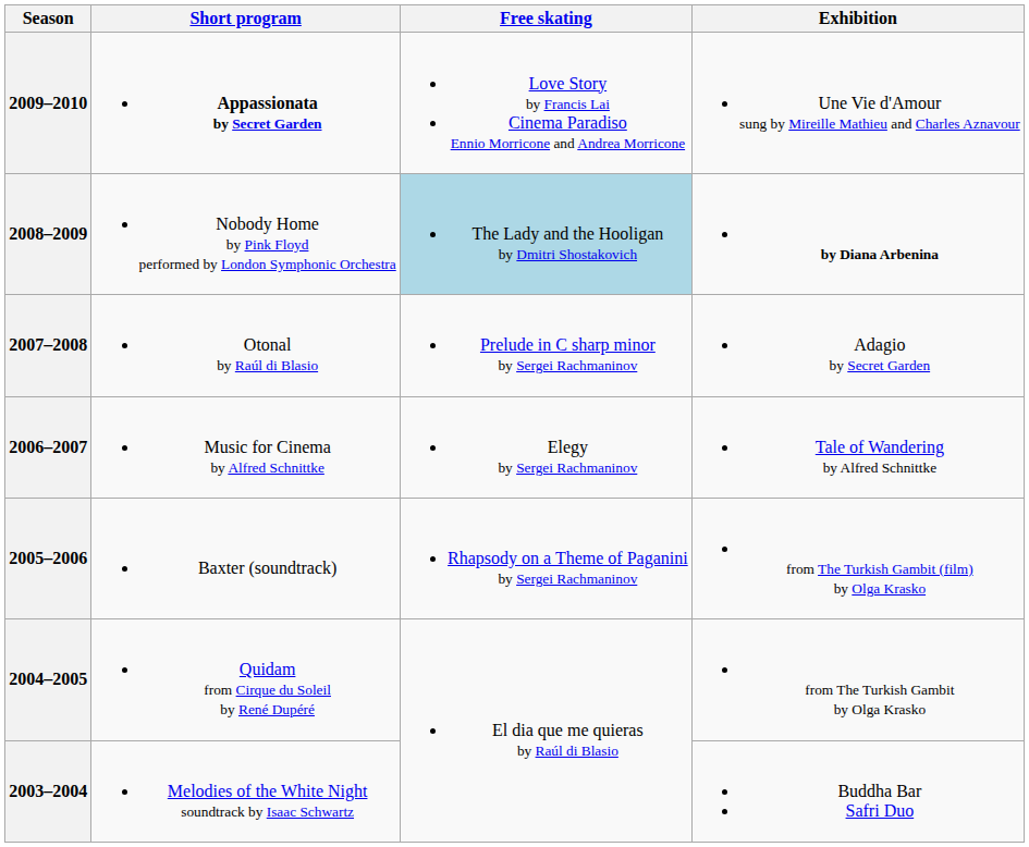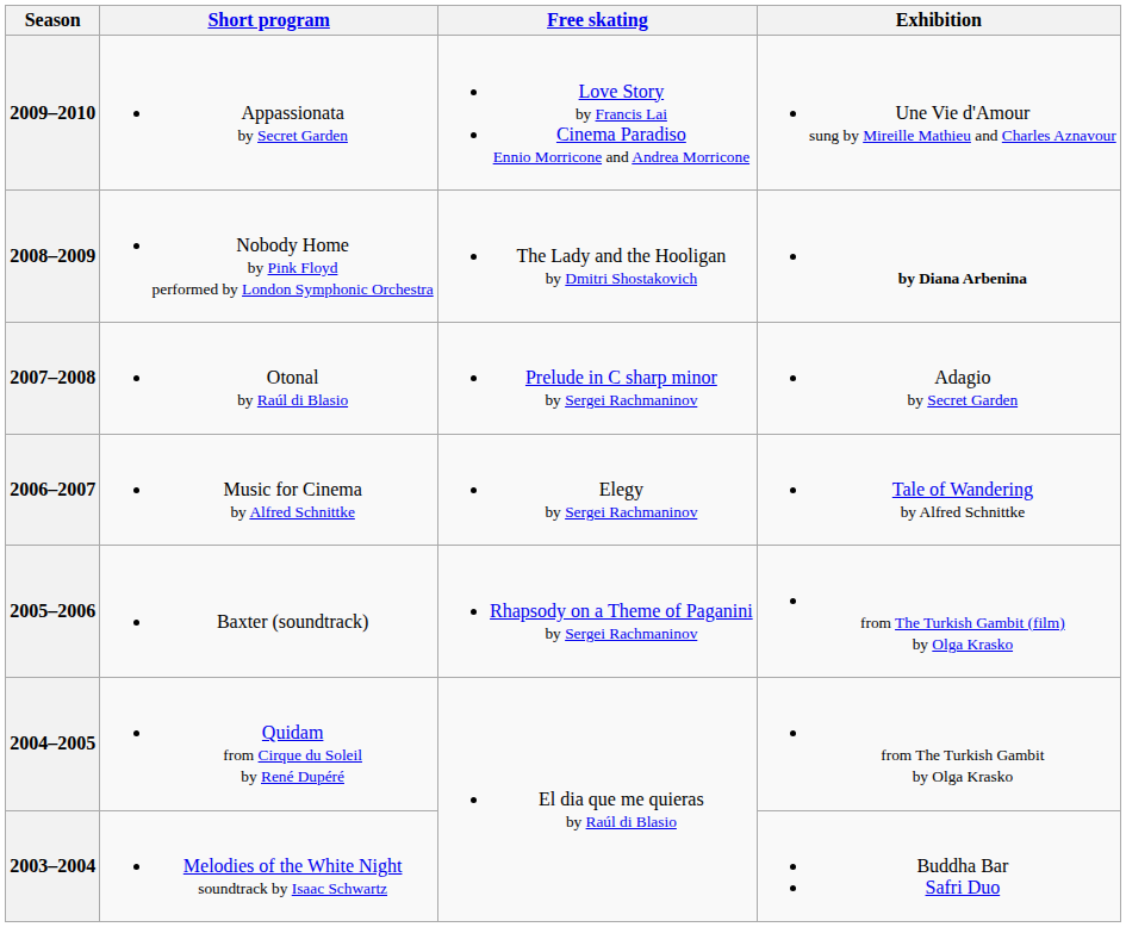 <table class="wikitable" style="text-align:center">
 <tr>
 <th>Season</th>
 <th><a href='#'>Short program</a></th>
 <th><a href='#'>Free skating</a></th>
 <th>Exhibition</th>
 </tr>
 <tr>
 <th>2009–2010</th>
-<td><strong><br><ul><li>Appassionata <br><small> by <a href='#'>Secret Garden</a> </small></li></ul></strong></td>
+<td><br><ul><li>Appassionata <br><small> by <a href='#'>Secret Garden</a> </small></li></ul></td>
 <td><br><ul><li><a href='#'>Love Story</a> <br><small> by <a href='#'>Francis Lai</a> </small></li><li><a href='#'>Cinema Paradiso</a> <br><small><a href='#'>Ennio Morricone</a> and <a href='#'>Andrea Morricone</a></small></li></ul></td>
 <td><br><ul><li>Une Vie d'Amour <br><small> sung by <a href='#'>Mireille Mathieu</a> and <a href='#'>Charles Aznavour</a> </small></li></ul></td>
 </tr>
 <tr>
 <th>2008–2009</th>
 <td><br><ul><li>Nobody Home <br><small> by <a href='#'>Pink Floyd</a> <br> performed by <a href='#'>London Symphonic Orchestra</a> </small></li></ul></td>
-<td style="background: lightblue;"><br><ul><li>The Lady and the Hooligan <br> <small> by <a href='#'>Dmitri Shostakovich</a> </small></li></ul></td>
+<td><br><ul><li>The Lady and the Hooligan <br> <small> by <a href='#'>Dmitri Shostakovich</a> </small></li></ul></td>
 <td><strong><br><ul><li> <br><small> by Diana Arbenina </small></li></ul></strong></td>
 </tr>
 <tr>
 <th>2007–2008</th>
 <td><br><ul><li>Otonal <br><small> by <a href='#'>Raúl di Blasio</a></small></li></ul></td>
 <td><br><ul><li><a href='#'>Prelude in C sharp minor</a> <br><small> by <a href='#'>Sergei Rachmaninov</a> </small></li></ul></td>
 <td><br><ul><li>Adagio <br><small> by <a href='#'>Secret Garden</a> </small></li></ul></td>
 </tr>
 <tr>
 <th>2006–2007</th>
 <td><br><ul><li>Music for Cinema <br><small> by <a href='#'>Alfred Schnittke</a></small></li></ul></td>
 <td><br><ul><li>Elegy <br><small> by <a href='#'>Sergei Rachmaninov</a></small></li></ul></td>
 <td><br><ul><li><a href='#'>Tale of Wandering</a> <br><small> by Alfred Schnittke </small></li></ul></td>
 </tr>
 <tr>
 <th>2005–2006</th>
 <td><br><ul><li>Baxter (soundtrack)</li></ul></td>
 <td><br><ul><li><a href='#'>Rhapsody on a Theme of Paganini</a><br> <small> by <a href='#'>Sergei Rachmaninov</a></small></li></ul></td>
 <td><br><ul><li> <br><small> from <a href='#'>The Turkish Gambit (film)</a> <br> by <a href='#'>Olga Krasko</a></small></li></ul></td>
 </tr>
 <tr>
 <th>2004–2005</th>
 <td><br><ul><li><a href='#'>Quidam</a> <br><small> from <a href='#'>Cirque du Soleil</a> <br> by <a href='#'>René Dupéré</a> </small></li></ul></td>
 <td rowspan=2><br><ul><li>El dia que me quieras <br><small> by <a href='#'>Raúl di Blasio</a></small></li></ul></td>
 <td><br><ul><li> <br><small> from The Turkish Gambit <br> by Olga Krasko</small></li></ul></td>
 </tr>
 <tr>
 <th>2003–2004</th>
 <td><br><ul><li><a href='#'>Melodies of the White Night</a> <br><small> soundtrack by <a href='#'>Isaac Schwartz</a></small></li></ul></td>
 <td><br><ul><li>Buddha Bar</li><li><a href='#'>Safri Duo</a></li></ul></td>
 </tr>
 </table>
